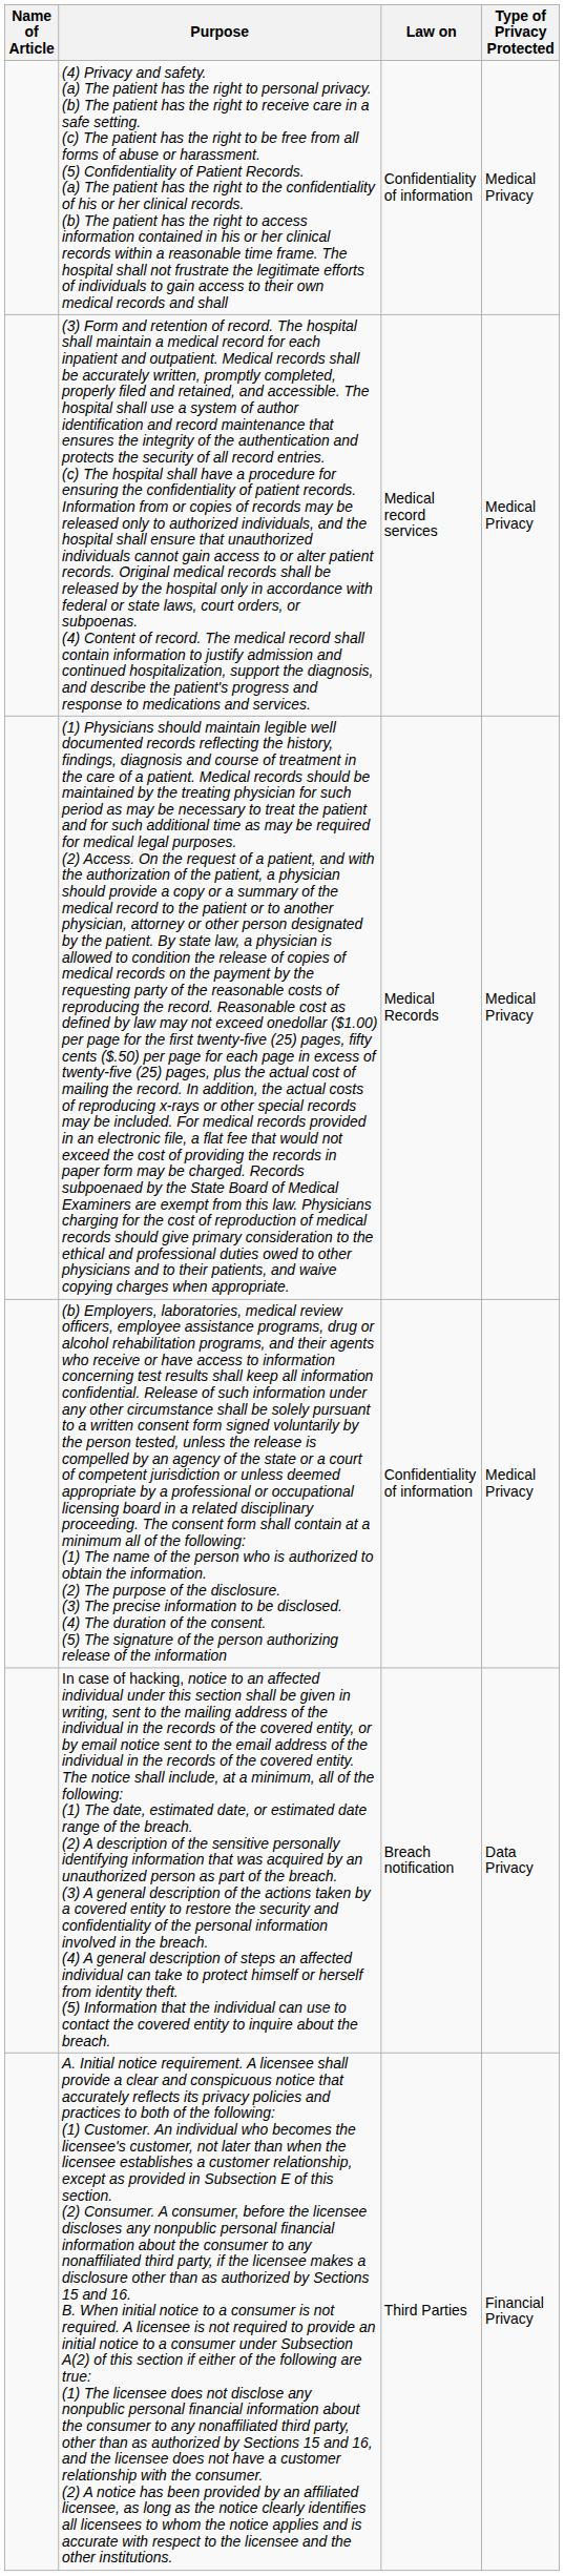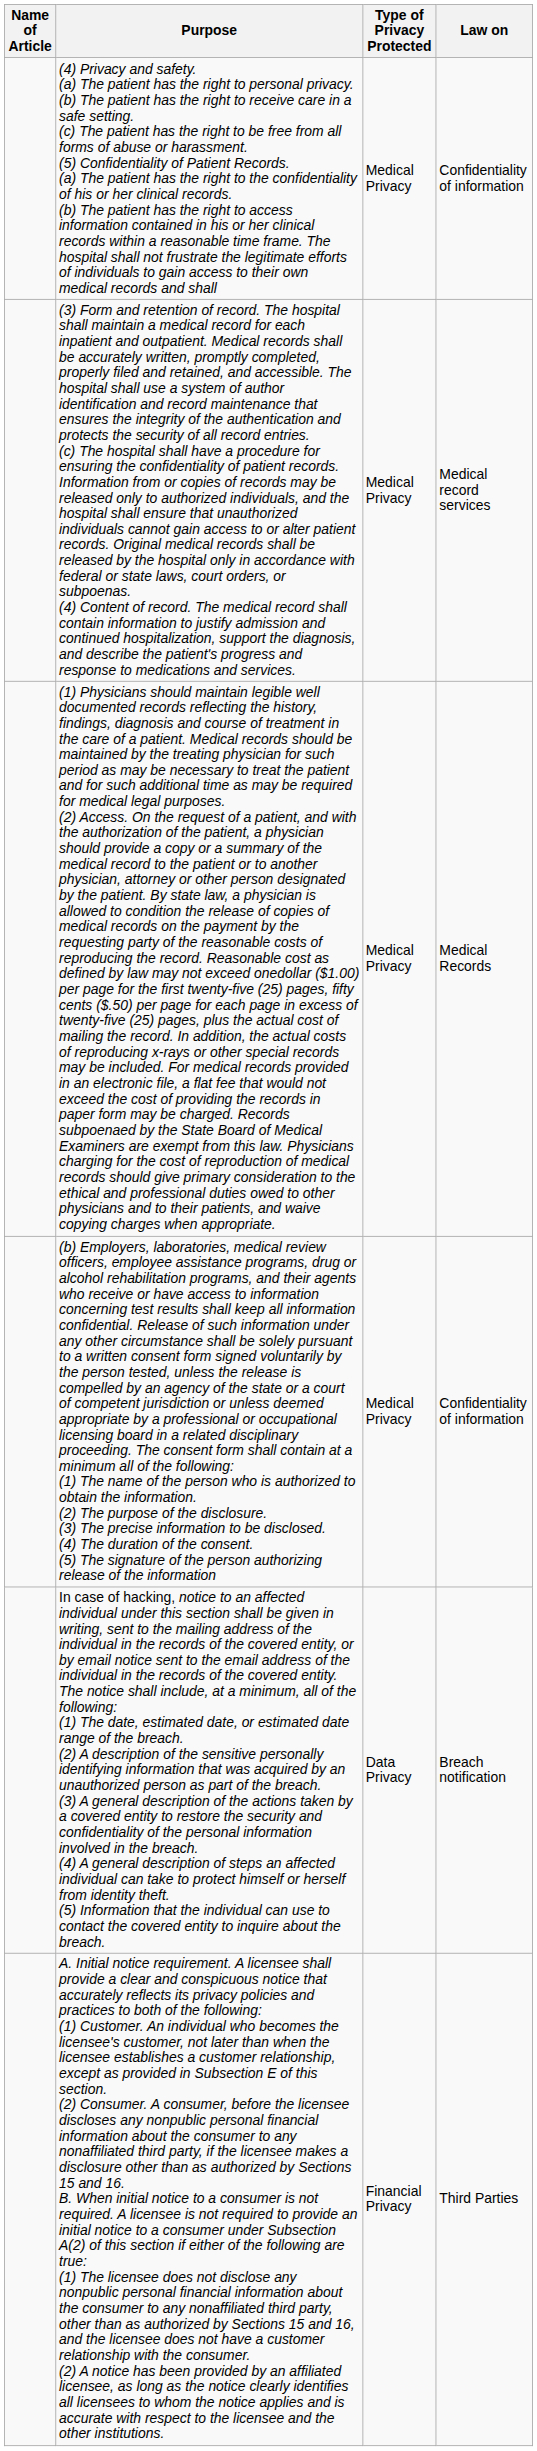 <table class="wikitable">
 <tr>
 <th>Name of Article</th>
 <th>Purpose</th>
+<th>Type of Privacy Protected</th>
 <th>Law on</th>
-<th>Type of Privacy Protected</th>
 </tr>
 <tr>
 <td></td>
 <td><em>(4) Privacy and safety.</em><br><em>(a) The patient has the right to personal privacy.</em><br><em>(b) The patient has the right to receive care in a safe setting.</em><br><em>(c) The patient has the right to be free from all forms of abuse or harassment.</em><br><em>(5) Confidentiality of Patient Records.</em><br><em>(a) The patient has the right to the confidentiality of his or her clinical records.</em><br><em>(b) The patient has the right to access information contained in his or her clinical records within a reasonable time frame. The hospital shall not frustrate the legitimate efforts of individuals to gain access to their own medical records and shall</em></td>
+<td>Medical Privacy</td>
 <td>Confidentiality of information</td>
-<td>Medical Privacy</td>
 </tr>
 <tr>
 <td></td>
 <td><em>(3) Form and retention of record. The hospital shall maintain a medical record for each inpatient and outpatient. Medical records shall be accurately written, promptly completed, properly filed and retained, and accessible. The hospital shall use a system of author identification and record maintenance that ensures the integrity of the authentication and protects the security of all record entries.</em><br><em>(c) The hospital shall have a procedure for ensuring the confidentiality of patient records. Information from or copies of records may be released only to authorized individuals, and the hospital shall ensure that unauthorized individuals cannot gain access to or alter patient records. Original medical records shall be released by the hospital only in accordance with federal or state laws, court orders, or subpoenas.</em><br><em>(4) Content of record. The medical record shall contain information to justify admission and continued hospitalization, support the diagnosis, and describe the patient's progress and response to medications and services.</em></td>
+<td>Medical Privacy</td>
 <td>Medical record services</td>
-<td>Medical Privacy</td>
 </tr>
 <tr>
 <td></td>
 <td><em>(1) Physicians should maintain legible well documented records reflecting the history, findings, diagnosis and course of treatment in the care of a patient. Medical records should be maintained by the treating physician for such period as may be necessary to treat the patient and for such additional time as may be required for medical legal purposes.</em><br><em>(2) Access. On the request of a patient, and with the authorization of the patient, a physician should provide a copy or a summary of the medical record to the patient or to another physician, attorney or other person designated by the patient. By state law, a physician is allowed to condition the release of copies of medical records on the payment by the requesting party of the reasonable costs of reproducing the record. Reasonable cost as defined by law may not exceed onedollar ($1.00) per page for the first twenty-five (25) pages, fifty cents ($.50) per page for each page in excess of twenty-five (25) pages, plus the actual cost of mailing the record. In addition, the actual costs of reproducing x-rays or other special records may be included. For medical records provided in an electronic file, a flat fee that would not exceed the cost of providing the records in paper form may be charged. Records subpoenaed by the State Board of Medical Examiners are exempt from this law. Physicians charging for the cost of reproduction of medical records should give primary consideration to the ethical and professional duties owed to other physicians and to their patients, and waive copying charges when appropriate.</em></td>
+<td>Medical Privacy</td>
 <td>Medical Records</td>
-<td>Medical Privacy</td>
 </tr>
 <tr>
 <td></td>
 <td><em>(b) Employers, laboratories, medical review officers, employee assistance programs, drug or alcohol rehabilitation programs, and their agents who receive or have access to information concerning test results shall keep all information confidential. Release of such information under any other circumstance shall be solely pursuant to a written consent form signed voluntarily by the person tested, unless the release is compelled by an agency of the state or a court of competent jurisdiction or unless deemed appropriate by a professional or occupational licensing board in a related disciplinary proceeding. The consent form shall contain at a minimum all of the following:</em><br><em>(1) The name of the person who is authorized to obtain the information.</em><br><em>(2) The purpose of the disclosure.</em><br><em>(3) The precise information to be disclosed.</em><br><em>(4) The duration of the consent.</em><br><em>(5) The signature of the person authorizing release of the information</em></td>
+<td>Medical Privacy</td>
 <td>Confidentiality of information</td>
-<td>Medical Privacy</td>
 </tr>
 <tr>
 <td></td>
 <td>In case of hacking, <em>notice to an affected individual under this section shall be given in writing, sent to the mailing address of the individual in the records of the covered entity, or by email notice sent to the email address of the individual in the records of the covered entity. The notice shall include, at a minimum, all of the following:</em><br><em>(1) The date, estimated date, or estimated date range of the breach.</em><br><em>(2) A description of the sensitive personally identifying information that was acquired by an unauthorized person as part of the breach.</em><br><em>(3) A general description of the actions taken by a covered entity to restore the security and confidentiality of the personal information involved in the breach.</em><br><em>(4) A general description of steps an affected individual can take to protect himself or herself from identity theft.</em><br><em>(5) Information that the individual can use to contact the covered entity to inquire about the breach.</em></td>
+<td>Data Privacy</td>
 <td>Breach notification</td>
-<td>Data Privacy</td>
 </tr>
 <tr>
 <td></td>
 <td><em>A. Initial notice requirement. A licensee shall provide a clear and conspicuous notice that accurately reflects its privacy policies and practices to both of the following:</em><br><em>(1) Customer. An individual who becomes the licensee's customer, not later than when the licensee establishes a customer relationship, except as provided in Subsection E of this section.</em><br><em>(2) Consumer. A consumer, before the licensee discloses any nonpublic personal financial information about the consumer to any nonaffiliated third party, if the licensee makes a disclosure other than as authorized by Sections 15 and 16.</em><br><em>B. When initial notice to a consumer is not required. A licensee is not required to provide an initial notice to a consumer under Subsection A(2) of this section if either of the following are true:</em><br><em>(1) The licensee does not disclose any nonpublic personal financial information about the consumer to any nonaffiliated third party, other than as authorized by Sections 15 and 16, and the licensee does not have a customer relationship with the consumer.</em><br><em>(2) A notice has been provided by an affiliated licensee, as long as the notice clearly identifies all licensees to whom the notice applies and is accurate with respect to the licensee and the other institutions.</em></td>
+<td>Financial Privacy</td>
 <td>Third Parties</td>
-<td>Financial Privacy</td>
 </tr>
 </table>
